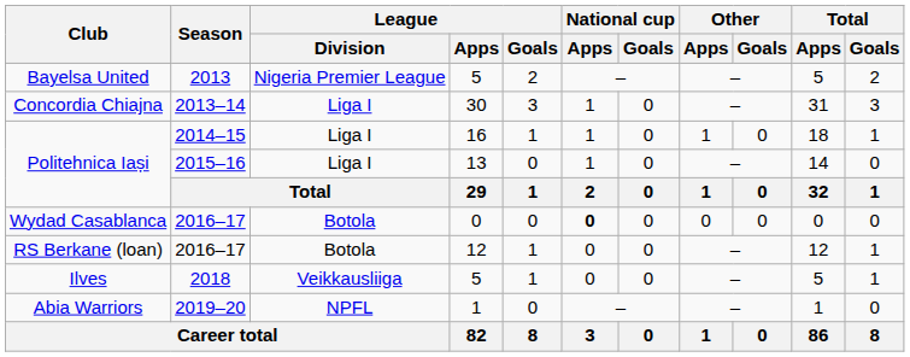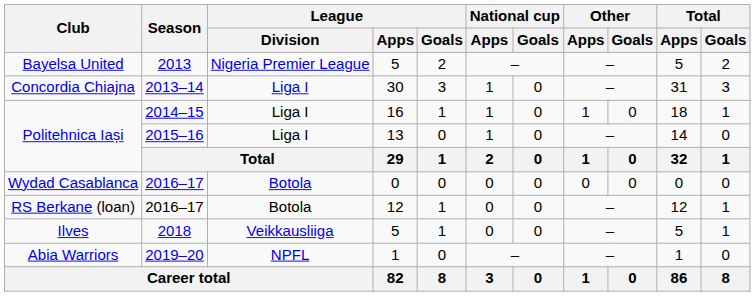 <table class="wikitable" style="text-align:center">
 <tr>
 <th rowspan="2">Club</th>
 <th rowspan="2">Season</th>
 <th colspan="3">League</th>
 <th colspan="2">National cup</th>
 <th colspan="2">Other</th>
 <th colspan="2">Total</th>
 </tr>
 <tr>
 <th>Division</th>
 <th>Apps</th>
 <th>Goals</th>
 <th>Apps</th>
 <th>Goals</th>
 <th>Apps</th>
 <th>Goals</th>
 <th>Apps</th>
 <th>Goals</th>
 </tr>
 <tr>
 <td><a href='#'>Bayelsa United</a></td>
 <td><a href='#'>2013</a></td>
 <td><a href='#'>Nigeria Premier League</a></td>
 <td>5</td>
 <td>2</td>
 <td colspan=2>–</td>
 <td colspan=2>–</td>
 <td>5</td>
 <td>2</td>
 </tr>
 <tr>
 <td><a href='#'>Concordia Chiajna</a></td>
 <td><a href='#'>2013–14</a></td>
 <td><a href='#'>Liga I</a></td>
 <td>30</td>
 <td>3</td>
 <td>1</td>
 <td>0</td>
 <td colspan=2>–</td>
 <td>31</td>
 <td>3</td>
 </tr>
 <tr>
 <td rowspan=3><a href='#'>Politehnica Iași</a></td>
 <td><a href='#'>2014–15</a></td>
 <td>Liga I</td>
 <td>16</td>
 <td>1</td>
 <td>1</td>
 <td>0</td>
 <td>1</td>
 <td>0</td>
 <td>18</td>
 <td>1</td>
 </tr>
 <tr>
 <td><a href='#'>2015–16</a></td>
 <td>Liga I</td>
 <td>13</td>
 <td>0</td>
 <td>1</td>
 <td>0</td>
 <td colspan=2>–</td>
 <td>14</td>
 <td>0</td>
 </tr>
 <tr>
 <th colspan=2>Total</th>
 <th>29</th>
 <th>1</th>
 <th>2</th>
 <th>0</th>
 <th>1</th>
 <th>0</th>
 <th>32</th>
 <th>1</th>
 </tr>
 <tr>
 <td><a href='#'>Wydad Casablanca</a></td>
 <td><a href='#'>2016–17</a></td>
 <td><a href='#'>Botola</a></td>
 <td>0</td>
 <td>0</td>
-<td><strong>0</strong></td>
+<td>0</td>
 <td>0</td>
 <td>0</td>
 <td>0</td>
 <td>0</td>
 <td>0</td>
 </tr>
 <tr>
 <td><a href='#'>RS Berkane</a> (loan)</td>
 <td>2016–17</td>
 <td>Botola</td>
 <td>12</td>
 <td>1</td>
 <td>0</td>
 <td>0</td>
 <td colspan=2>–</td>
 <td>12</td>
 <td>1</td>
 </tr>
 <tr>
 <td><a href='#'>Ilves</a></td>
 <td><a href='#'>2018</a></td>
 <td><a href='#'>Veikkausliiga</a></td>
 <td>5</td>
 <td>1</td>
 <td>0</td>
 <td>0</td>
 <td colspan=2>–</td>
 <td>5</td>
 <td>1</td>
 </tr>
 <tr>
 <td><a href='#'>Abia Warriors</a></td>
 <td><a href='#'>2019–20</a></td>
 <td><a href='#'>NPFL</a></td>
 <td>1</td>
 <td>0</td>
 <td colspan=2>–</td>
 <td colspan=2>–</td>
 <td>1</td>
 <td>0</td>
 </tr>
 <tr>
 <th colspan="3">Career total</th>
 <th>82</th>
 <th>8</th>
 <th>3</th>
 <th>0</th>
 <th>1</th>
 <th>0</th>
 <th>86</th>
 <th>8</th>
 </tr>
 </table>
